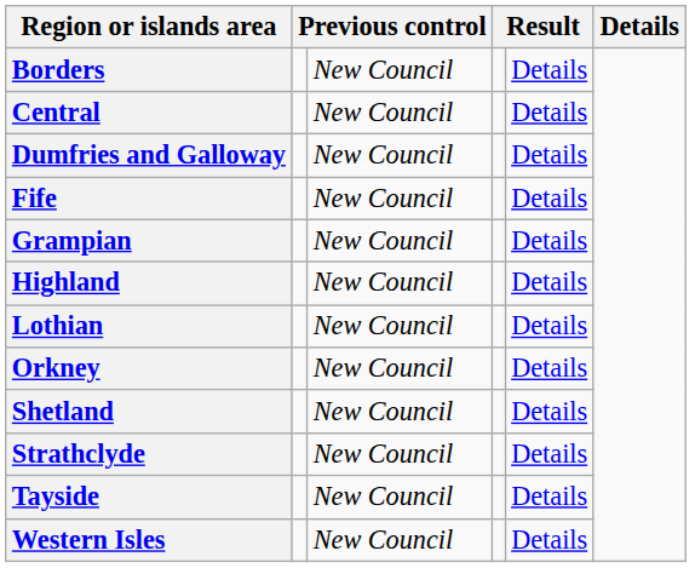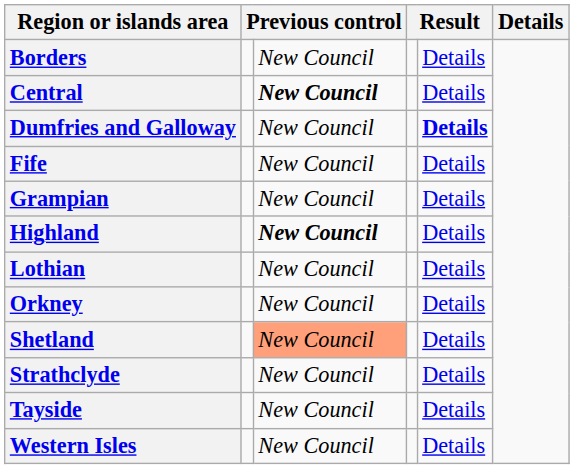 <table class="wikitable sortable" border="1">
 <tr>
 <th scope="col">Region or islands area</th>
 <th colspan=2>Previous control</th>
 <th colspan=2>Result</th>
 <th class="unsortable" scope="col">Details</th>
 </tr>
 <tr>
 <th scope="row" style="text-align: left;"><a href='#'>Borders</a></th>
 <td></td>
 <td><em>New Council</em></td>
 <td></td>
 <td><a href='#'>Details</a></td>
 </tr>
 <tr>
 <th scope="row" style="text-align: left;"><a href='#'>Central</a></th>
 <td></td>
-<td><em>New Council</em></td>
+<td><strong><em>New Council</em></strong></td>
 <td></td>
 <td><a href='#'>Details</a></td>
 </tr>
 <tr>
 <th scope="row" style="text-align: left;"><a href='#'>Dumfries and Galloway</a></th>
 <td></td>
 <td><em>New Council</em></td>
 <td></td>
-<td><a href='#'>Details</a></td>
+<td><strong><a href='#'>Details</a></strong></td>
 </tr>
 <tr>
 <th scope="row" style="text-align: left;"><a href='#'>Fife</a></th>
 <td></td>
 <td><em>New Council</em></td>
 <td></td>
 <td><a href='#'>Details</a></td>
 </tr>
 <tr>
 <th scope="row" style="text-align: left;"><a href='#'>Grampian</a></th>
 <td></td>
 <td><em>New Council</em></td>
 <td></td>
 <td><a href='#'>Details</a></td>
 </tr>
 <tr>
 <th scope="row" style="text-align: left;"><a href='#'>Highland</a></th>
 <td></td>
-<td><em>New Council</em></td>
+<td><strong><em>New Council</em></strong></td>
 <td></td>
 <td><a href='#'>Details</a></td>
 </tr>
 <tr>
 <th scope="row" style="text-align: left;"><a href='#'>Lothian</a></th>
 <td></td>
 <td><em>New Council</em></td>
 <td></td>
 <td><a href='#'>Details</a></td>
 </tr>
 <tr>
 <th scope="row" style="text-align: left;"><a href='#'>Orkney</a></th>
 <td></td>
 <td><em>New Council</em></td>
 <td></td>
 <td><a href='#'>Details</a></td>
 </tr>
 <tr>
 <th scope="row" style="text-align: left;"><a href='#'>Shetland</a></th>
 <td></td>
-<td><em>New Council</em></td>
+<td style="background: lightsalmon;"><em>New Council</em></td>
 <td></td>
 <td><a href='#'>Details</a></td>
 </tr>
 <tr>
 <th scope="row" style="text-align: left;"><a href='#'>Strathclyde</a></th>
 <td></td>
 <td><em>New Council</em></td>
 <td></td>
 <td><a href='#'>Details</a></td>
 </tr>
 <tr>
 <th scope="row" style="text-align: left;"><a href='#'>Tayside</a></th>
 <td></td>
 <td><em>New Council</em></td>
 <td></td>
 <td><a href='#'>Details</a></td>
 </tr>
 <tr>
 <th scope="row" style="text-align: left;"><a href='#'>Western Isles</a></th>
 <td></td>
 <td><em>New Council</em></td>
 <td></td>
 <td><a href='#'>Details</a></td>
 </tr>
 </table>
